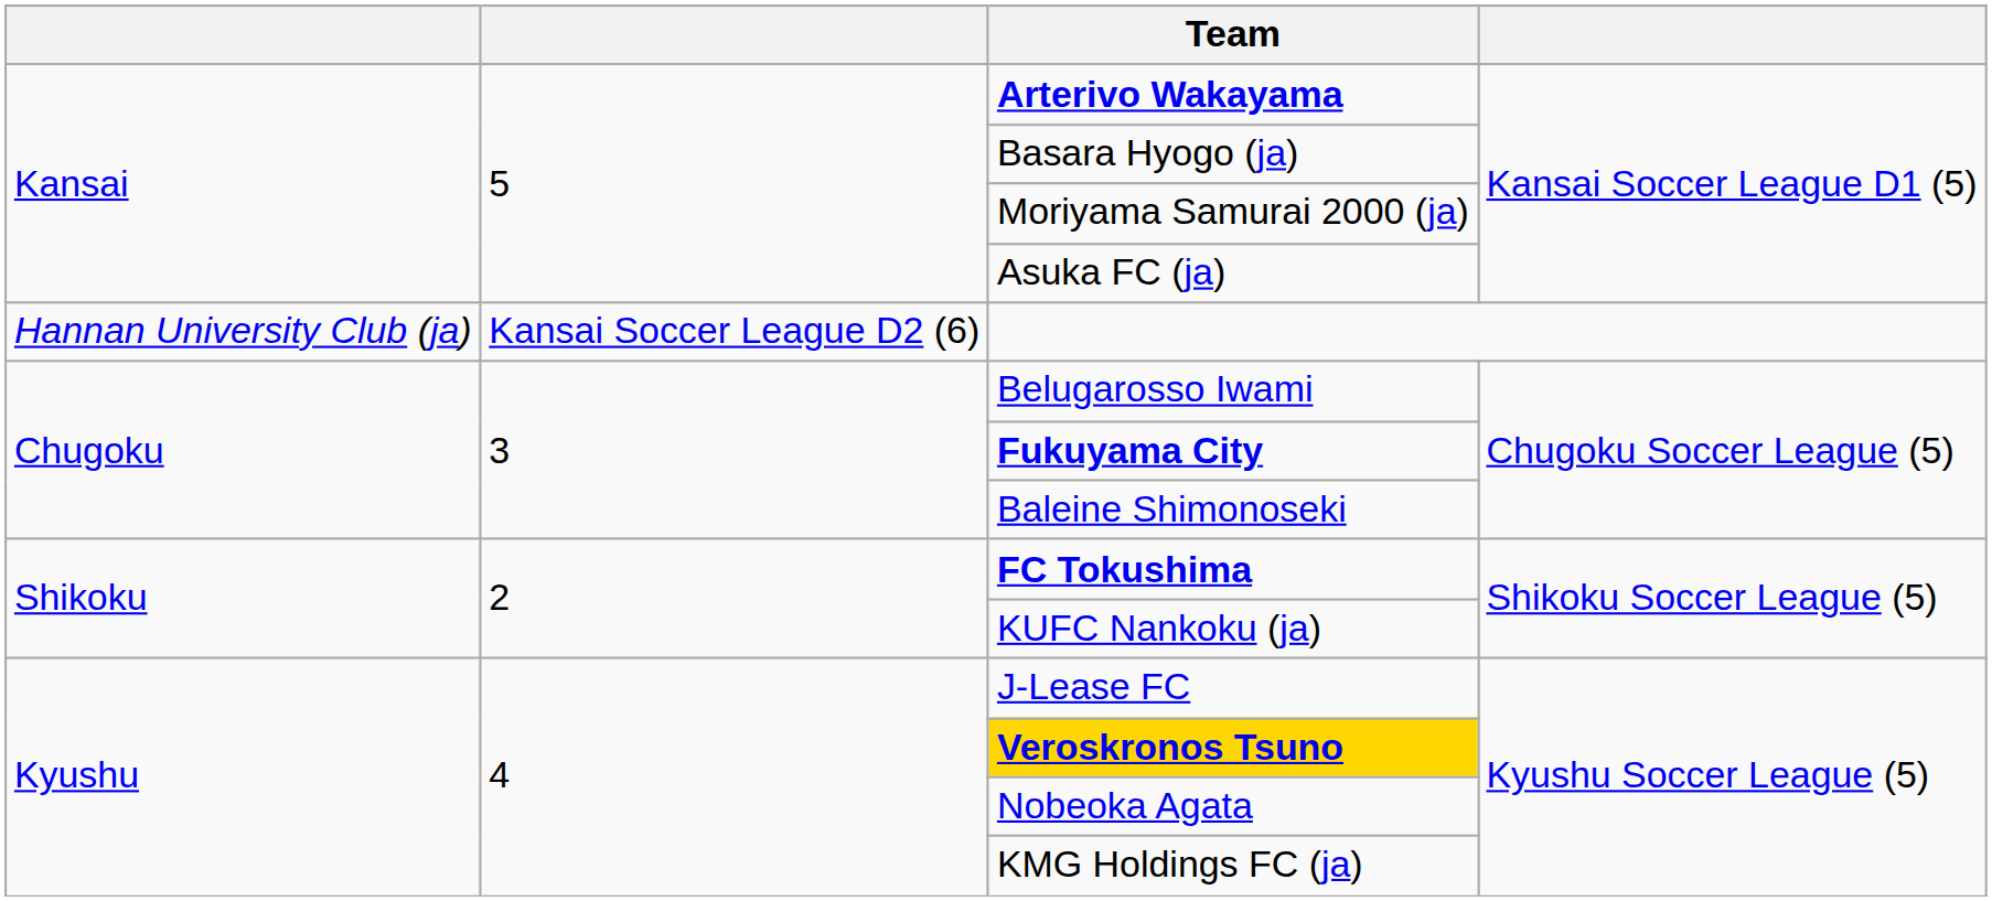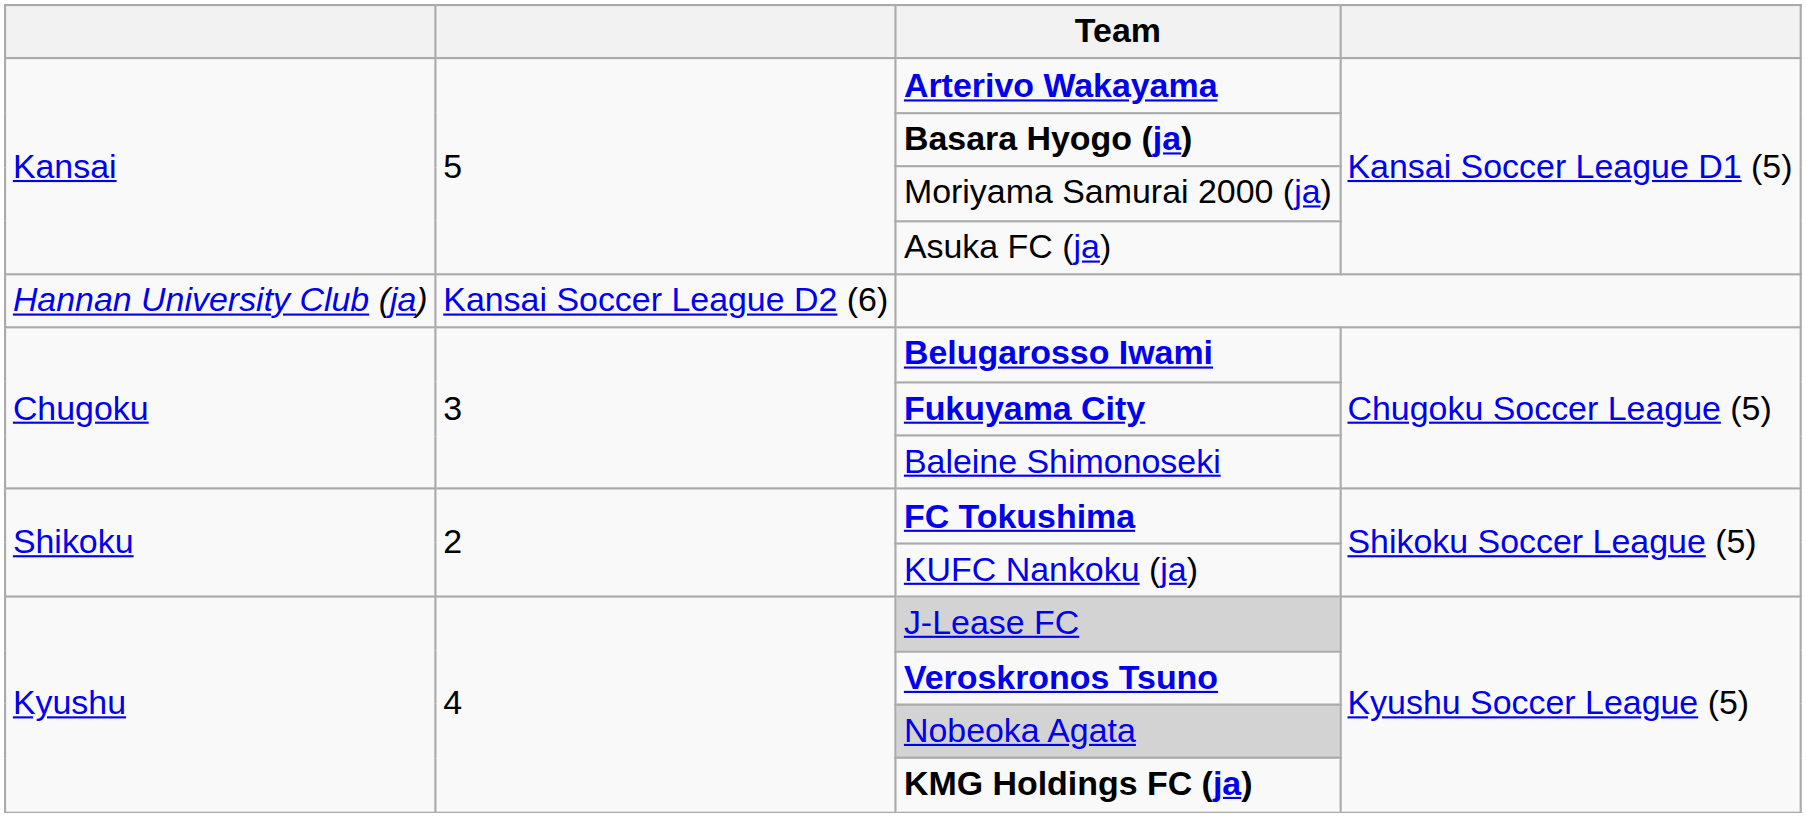 <table class = "wikitable" style = "text-align:left">
 <tr>
 <th></th>
 <th></th>
 <th>Team</th>
 <th></th>
 </tr>
 <tr>
 <td rowspan=5><a href='#'>Kansai</a></td>
 <td rowspan=5>5</td>
 <td><strong><a href='#'>Arterivo Wakayama</a></strong></td>
 <td rowspan=4><a href='#'>Kansai Soccer League D1</a> (5)</td>
 </tr>
 <tr>
-<td>Basara Hyogo (<a href='#'>ja</a>)</td>
+<td><strong>Basara Hyogo (<a href='#'>ja</a>)</strong></td>
 </tr>
 <tr>
 <td>Moriyama Samurai 2000 (<a href='#'>ja</a>)</td>
 </tr>
 <tr>
 <td>Asuka FC (<a href='#'>ja</a>)</td>
 </tr>
 <tr>
 </tr>
 <tr>
 <td><em><a href='#'>Hannan University Club</a> (<a href='#'>ja</a>)</em></td>
 <td><a href='#'>Kansai Soccer League D2</a> (6)</td>
 </tr>
 <tr>
 <td rowspan=3><a href='#'>Chugoku</a></td>
 <td rowspan=3>3</td>
-<td><a href='#'>Belugarosso Iwami</a></td>
+<td><strong><a href='#'>Belugarosso Iwami</a></strong></td>
 <td rowspan=3><a href='#'>Chugoku Soccer League</a> (5)</td>
 </tr>
 <tr>
 <td><strong><a href='#'>Fukuyama City</a></strong></td>
 </tr>
 <tr>
 <td><a href='#'>Baleine Shimonoseki</a></td>
 </tr>
 <tr>
 <td rowspan=2><a href='#'>Shikoku</a></td>
 <td rowspan=2>2</td>
 <td><strong><a href='#'>FC Tokushima</a></strong></td>
 <td rowspan=2><a href='#'>Shikoku Soccer League</a> (5)</td>
 </tr>
 <tr>
 <td><a href='#'>KUFC Nankoku</a> (<a href='#'>ja</a>)</td>
 </tr>
 <tr>
 <td rowspan=4><a href='#'>Kyushu</a></td>
 <td rowspan=4>4</td>
-<td><a href='#'>J-Lease FC</a></td>
+<td style="background: lightgrey;"><a href='#'>J-Lease FC</a></td>
 <td rowspan=4><a href='#'>Kyushu Soccer League</a> (5)</td>
 </tr>
 <tr>
-<td style="background: gold;"><strong><a href='#'>Veroskronos Tsuno</a></strong></td>
+<td><strong><a href='#'>Veroskronos Tsuno</a></strong></td>
 </tr>
 <tr>
-<td><a href='#'>Nobeoka Agata</a></td>
+<td style="background: lightgrey;"><a href='#'>Nobeoka Agata</a></td>
 </tr>
 <tr>
-<td>KMG Holdings FC (<a href='#'>ja</a>)</td>
+<td><strong>KMG Holdings FC (<a href='#'>ja</a>)</strong></td>
 </tr>
 </table>
